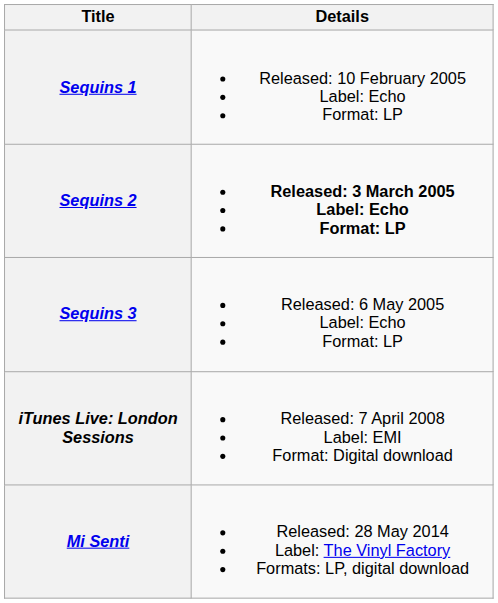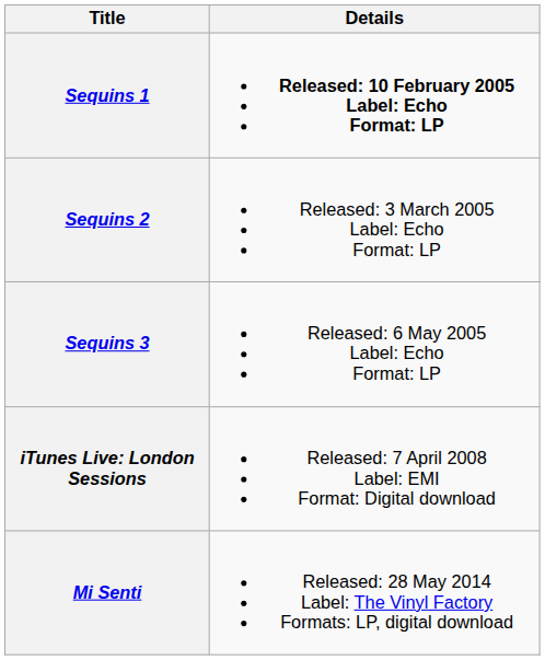 <table class="wikitable plainrowheaders" style="text-align:center">
 <tr>
 <th scope="col" style="width:11em;">Title</th>
 <th scope="col" style="width:18em;">Details</th>
 </tr>
 <tr>
 <th scope="row"><em><a href='#'>Sequins 1</a></em></th>
-<td><br><ul><li>Released: 10 February 2005</li><li>Label: Echo</li><li>Format: LP</li></ul></td>
+<td><strong><br><ul><li>Released: 10 February 2005</li><li>Label: Echo</li><li>Format: LP</li></ul></strong></td>
 </tr>
 <tr>
 <th scope="row"><em><a href='#'>Sequins 2</a></em></th>
-<td><strong><br><ul><li>Released: 3 March 2005</li><li>Label: Echo</li><li>Format: LP</li></ul></strong></td>
+<td><br><ul><li>Released: 3 March 2005</li><li>Label: Echo</li><li>Format: LP</li></ul></td>
 </tr>
 <tr>
 <th scope="row"><em><a href='#'>Sequins 3</a></em></th>
 <td><br><ul><li>Released: 6 May 2005</li><li>Label: Echo</li><li>Format: LP</li></ul></td>
 </tr>
 <tr>
 <th scope="row"><em>iTunes Live: London Sessions</em></th>
 <td><br><ul><li>Released: 7 April 2008</li><li>Label: EMI</li><li>Format: Digital download</li></ul></td>
 </tr>
 <tr>
 <th scope="row"><em><a href='#'>Mi Senti</a></em></th>
 <td><br><ul><li>Released: 28 May 2014</li><li>Label: <a href='#'>The Vinyl Factory</a></li><li>Formats: LP, digital download</li></ul></td>
 </tr>
 </table>
